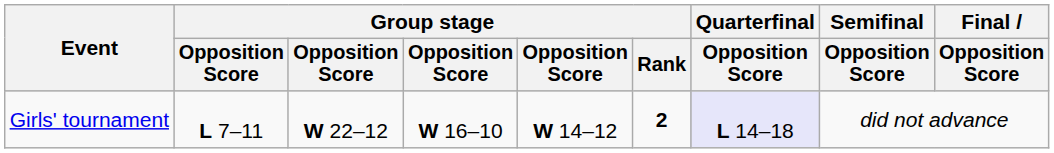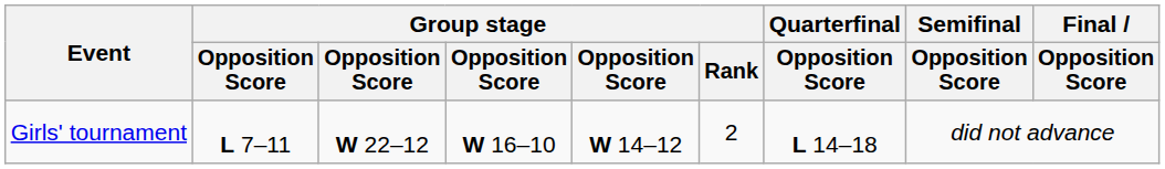 <table class="wikitable" style="font-size:90%">
 <tr>
 <th rowspan=2>Event</th>
 <th colspan=5>Group stage</th>
 <th>Quarterfinal</th>
 <th>Semifinal</th>
 <th>Final / </th>
 </tr>
 <tr style="font-size:95%">
 <th>Opposition<br>Score</th>
 <th>Opposition<br>Score</th>
 <th>Opposition<br>Score</th>
 <th>Opposition<br>Score</th>
 <th>Rank</th>
 <th>Opposition<br>Score</th>
 <th>Opposition<br>Score</th>
 <th>Opposition<br>Score</th>
 </tr>
 <tr align=center>
 <td align=left><a href='#'>Girls' tournament</a></td>
 <td> <br> <strong>L</strong> 7–11</td>
 <td> <br> <strong>W</strong> 22–12</td>
 <td> <br> <strong>W</strong> 16–10</td>
 <td> <br> <strong>W</strong> 14–12</td>
-<td><strong>2</strong></td>
-<td style="background: lavender;"> <br> <strong>L</strong> 14–18</td>
+<td>2</td>
+<td> <br> <strong>L</strong> 14–18</td>
 <td Colspan=2><em>did not advance</em></td>
 </tr>
 </table>
